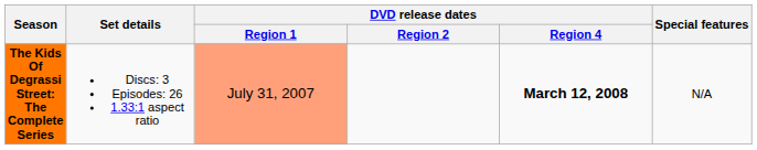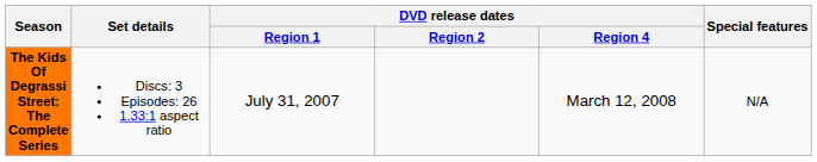 <table class="wikitable plainrowheaders" style="font-size:90%; text-align: center">
 <tr>
 <th rowspan="2" scope="col" style="width: 3em;">Season</th>
 <th rowspan="2" scope="col" style="width: 10em;">Set details</th>
 <th colspan="3" scope="col"><a href='#'>DVD</a> release dates</th>
 <th rowspan="2" scope="col">Special features</th>
 </tr>
 <tr>
 <th scope="col" style="width: 12em; font-size: 100%;"><a href='#'>Region 1</a></th>
 <th scope="col" style="width: 12em; font-size: 100%;"><a href='#'>Region 2</a></th>
 <th scope="col" style="width: 12em; font-size: 100%;"><a href='#'>Region 4</a></th>
 </tr>
 <tr>
 <th scope="row" style="text-align:center; background:#ff7700">The Kids Of Degrassi Street: The Complete Series</th>
 <td><br><ul><li>Discs: 3</li><li>Episodes: 26</li><li><a href='#'>1.33:1</a> aspect ratio</li></ul></td>
-<td style="background: lightsalmon;"><big>July 31, 2007</big></td>
+<td><big>July 31, 2007</big></td>
 <td></td>
-<td><strong><big>March 12, 2008</big></strong></td>
+<td><big>March 12, 2008</big></td>
 <td>N/A</td>
 </tr>
 </table>
